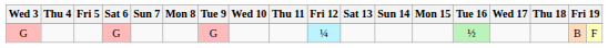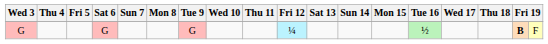 <table class="wikitable" style="margin:0.5em auto; font-size:90%; line-height:1.25em;">
 <tr align="center">
 <th>Wed 3</th>
 <th>Thu 4</th>
 <th>Fri 5</th>
 <th>Sat 6</th>
 <th>Sun 7</th>
 <th>Mon 8</th>
 <th>Tue 9</th>
 <th>Wed 10</th>
 <th>Thu 11</th>
 <th>Fri 12</th>
 <th>Sat 13</th>
 <th>Sun 14</th>
 <th>Mon 15</th>
 <th>Tue 16</th>
 <th>Wed 17</th>
 <th>Thu 18</th>
 <th colspan="2">Fri 19</th>
 </tr>
 <tr>
 </tr>
 <tr align="center">
 <td bgcolor="#FFBBBB">G</td>
 <td></td>
 <td></td>
 <td bgcolor="#FFBBBB">G</td>
 <td></td>
 <td></td>
 <td bgcolor="#FFBBBB">G</td>
 <td></td>
 <td></td>
 <td bgcolor="#BBF3FF">¼</td>
 <td></td>
 <td></td>
 <td></td>
 <td bgcolor="#BBF3BB">½</td>
 <td></td>
 <td></td>
-<td bgcolor="#FEDCBA">B</td>
+<td bgcolor="#FEDCBA"><strong>B</strong></td>
 <td bgcolor="#FFFFBB">F</td>
 </tr>
 </table>
